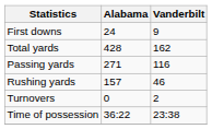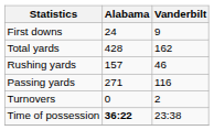 <table class="wikitable" style="float: left;">
 <tr>
 <th>Statistics</th>
 <th>Alabama</th>
 <th>Vanderbilt</th>
 </tr>
 <tr>
 <td>First downs</td>
 <td>24</td>
 <td>9</td>
 </tr>
 <tr>
 <td>Total yards</td>
 <td>428</td>
 <td>162</td>
 </tr>
 <tr>
+<td>Rushing yards</td>
+<td>157</td>
+<td>46</td>
+</tr>
+<tr>
 <td>Passing yards</td>
 <td>271</td>
 <td>116</td>
-</tr>
-<tr>
-<td>Rushing yards</td>
-<td>157</td>
-<td>46</td>
 </tr>
 <tr>
 <td>Turnovers</td>
 <td>0</td>
 <td>2</td>
 </tr>
 <tr>
 <td>Time of possession</td>
-<td>36:22</td>
+<td><strong>36:22</strong></td>
 <td>23:38</td>
 </tr>
 <tr>
 </tr>
 </table>
